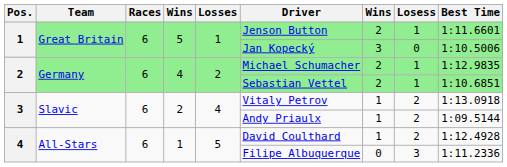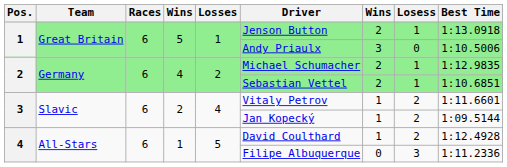 <table class="wikitable" style="font-size: 95%;">
 <tr>
 <th>Pos.</th>
 <th>Team</th>
 <th>Races</th>
 <th>Wins</th>
 <th>Losses</th>
 <th>Driver</th>
 <th>Wins</th>
 <th>Losess</th>
 <th>Best Time</th>
 </tr>
 <tr style="background:lightgreen;">
 <th rowspan=2>1</th>
 <td rowspan=2> <a href='#'>Great Britain</a></td>
 <td rowspan=2 align=center>6</td>
 <td rowspan=2 align=center>5</td>
 <td rowspan=2 align=center>1</td>
 <td> <a href='#'>Jenson Button</a></td>
 <td align=center>2</td>
 <td align=center>1</td>
-<td align=center>1:11.6601</td>
+<td align=center>1:13.0918</td>
 </tr>
 <tr style="background:lightgreen;">
-<td> <a href='#'>Jan Kopecký</a></td>
+<td> <a href='#'>Andy Priaulx</a></td>
 <td align=center>3</td>
 <td align=center>0</td>
 <td align=center>1:10.5006</td>
 </tr>
 <tr style="background:lightgreen;">
 <th rowspan=2>2</th>
 <td rowspan=2> <a href='#'>Germany</a></td>
 <td rowspan=2 align=center>6</td>
 <td rowspan=2 align=center>4</td>
 <td rowspan=2 align=center>2</td>
 <td> <a href='#'>Michael Schumacher</a></td>
 <td align=center>2</td>
 <td align=center>1</td>
 <td align=center>1:12.9835</td>
 </tr>
 <tr style="background:lightgreen;">
 <td> <a href='#'>Sebastian Vettel</a></td>
 <td align=center>2</td>
 <td align=center>1</td>
 <td align=center>1:10.6851</td>
 </tr>
 <tr>
 <th rowspan=2>3</th>
 <td rowspan=2> <a href='#'>Slavic</a></td>
 <td rowspan=2 align=center>6</td>
 <td rowspan=2 align=center>2</td>
 <td rowspan=2 align=center>4</td>
 <td> <a href='#'>Vitaly Petrov</a></td>
 <td align=center>1</td>
 <td align=center>2</td>
-<td align=center>1:13.0918</td>
+<td align=center>1:11.6601</td>
 </tr>
 <tr>
-<td> <a href='#'>Andy Priaulx</a></td>
+<td> <a href='#'>Jan Kopecký</a></td>
 <td align=center>1</td>
 <td align=center>2</td>
 <td align=center>1:09.5144</td>
 </tr>
 <tr>
 <th rowspan=2>4</th>
 <td rowspan=2> <a href='#'>All-Stars</a></td>
 <td rowspan=2 align=center>6</td>
 <td rowspan=2 align=center>1</td>
 <td rowspan=2 align=center>5</td>
 <td> <a href='#'>David Coulthard</a></td>
 <td align=center>1</td>
 <td align=center>2</td>
 <td align=center>1:12.4928</td>
 </tr>
 <tr>
 <td> <a href='#'>Filipe Albuquerque</a></td>
 <td align=center>0</td>
 <td align=center>3</td>
 <td align=center>1:11.2336</td>
 </tr>
 </table>
